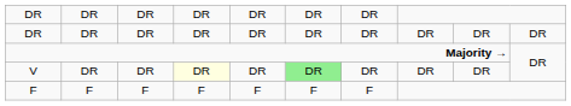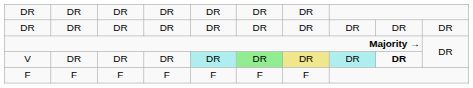 <table class="wikitable" style="text-align:center" width=750px>
 <tr>
 <td>DR</td>
 <td>DR</td>
 <td>DR</td>
 <td>DR</td>
 <td>DR</td>
 <td>DR</td>
 <td>DR</td>
 </tr>
 <tr>
 <td width=50px >DR</td>
 <td width=50px >DR</td>
 <td width=50px >DR</td>
 <td width=50px >DR</td>
 <td width=50px >DR</td>
 <td width=50px >DR</td>
 <td width=50px >DR</td>
 <td width=50px >DR</td>
 <td width=50px >DR</td>
 <td width=50px >DR</td>
 </tr>
 <tr>
 <td colspan=9 style="text-align:right"><strong>Majority →</strong></td>
 <td rowspan=2 >DR<br></td>
 </tr>
 <tr>
 <td>V<br></td>
 <td>DR<br></td>
 <td>DR<br></td>
-<td style="background: lightyellow;">DR<br></td>
 <td>DR<br></td>
+<td style="background: paleturquoise;">DR<br></td>
 <td style="background: lightgreen;">DR<br></td>
-<td>DR<br></td>
-<td>DR<br></td>
-<td>DR<br></td>
+<td style="background: khaki;">DR<br></td>
+<td style="background: paleturquoise;">DR<br></td>
+<td><strong>DR<br></strong></td>
 </tr>
 <tr>
 <td>F<br></td>
 <td>F</td>
 <td>F</td>
 <td>F</td>
 <td>F</td>
 <td>F</td>
 <td>F</td>
 </tr>
 </table>
